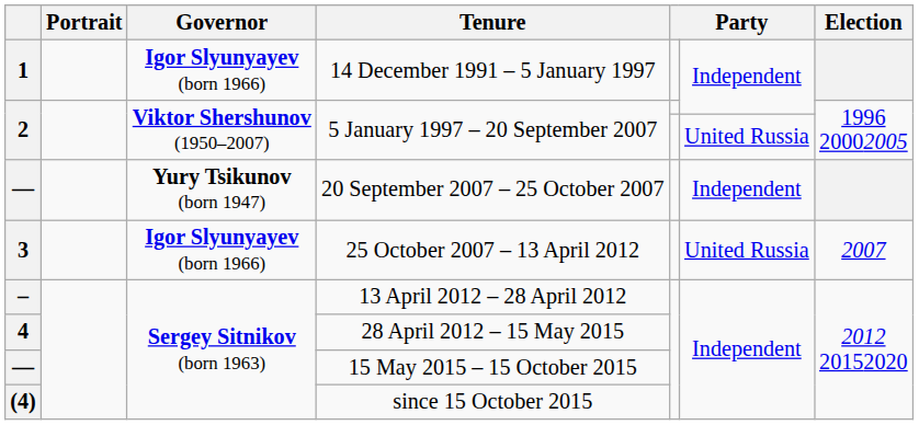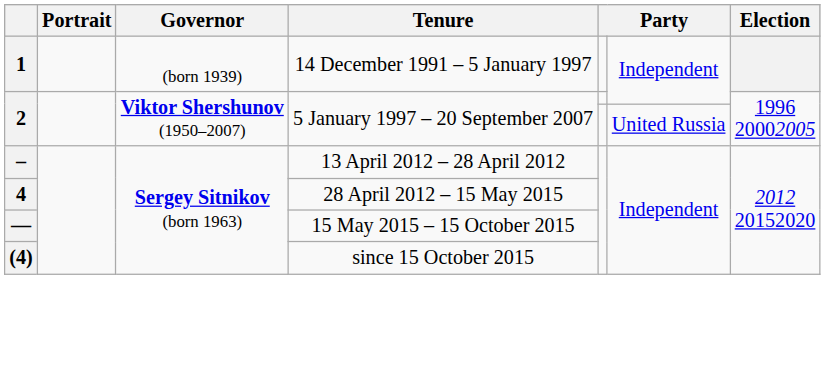 <table class="wikitable" style="text-align:center">
 <tr style="background:#cccccc" bgcolor=#E6E6AA>
 <th></th>
 <th>Portrait</th>
 <th>Governor</th>
 <th>Tenure</th>
 <th colspan=2>Party</th>
 <th>Election</th>
 </tr>
 <tr>
 <th>1</th>
 <td></td>
-<td><strong><a href='#'>Igor Slyunyayev</a></strong><br><small>(born 1966)</small></td>
+<td><strong></strong><br><small>(born 1939)</small></td>
 <td>14 December 1991 – 5 January 1997</td>
 <td style="background:"></td>
 <td rowspan=2><a href='#'>Independent</a></td>
 <th></th>
 </tr>
 <tr>
 <th rowspan=2>2</th>
 <td rowspan=2></td>
 <td rowspan=2><strong><a href='#'>Viktor Shershunov</a></strong><br><small>(1950–2007)</small></td>
 <td rowspan=2>5 January 1997 – 20 September 2007</td>
 <td style="background:"></td>
 <td rowspan=2><a href='#'>1996</a><br><a href='#'>2000</a><em><a href='#'>2005</a></em></td>
 </tr>
 <tr>
 <td style="background:"></td>
 <td><a href='#'>United Russia</a></td>
-</tr>
-<tr>
-<th>—</th>
-<td></td>
-<td><strong>Yury Tsikunov</strong><br><small>(born 1947)</small></td>
-<td>20 September 2007 – 25 October 2007</td>
-<td style="background:"></td>
-<td><a href='#'>Independent</a></td>
-<th></th>
-</tr>
-<tr>
-<th>3</th>
-<td></td>
-<td><strong><a href='#'>Igor Slyunyayev</a></strong><br><small>(born 1966)</small></td>
-<td>25 October 2007 – 13 April 2012</td>
-<td style="background:"></td>
-<td><a href='#'>United Russia</a></td>
-<td><em><a href='#'>2007</a></em></td>
 </tr>
 <tr>
 <th>–</th>
 <td rowspan=4></td>
 <td rowspan=4><strong><a href='#'>Sergey Sitnikov</a></strong><br><small>(born 1963)</small></td>
 <td>13 April 2012 – 28 April 2012</td>
 <td rowspan=4; style="background:"></td>
 <td rowspan=4><a href='#'>Independent</a></td>
 <td rowspan=4><em><a href='#'>2012</a></em><br><a href='#'>2015</a><a href='#'>2020</a></td>
 </tr>
 <tr>
 <th>4</th>
 <td>28 April 2012 – 15 May 2015</td>
 </tr>
 <tr>
 <th>—</th>
 <td>15 May 2015 – 15 October 2015</td>
 </tr>
 <tr>
 <th>(4)</th>
 <td>since 15 October 2015</td>
 </tr>
 </table>
